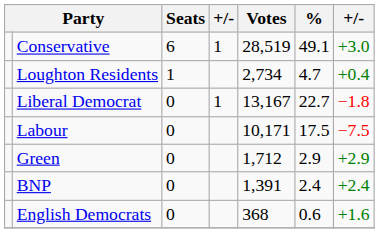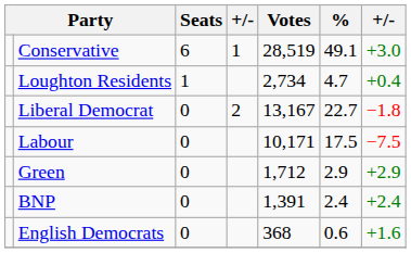 <table class="wikitable">
 <tr>
 <th colspan="2">Party</th>
 <th>Seats</th>
 <th>+/-</th>
 <th>Votes</th>
 <th>%</th>
 <th>+/-</th>
 </tr>
 <tr>
 <td style="background-color: "></td>
 <td><a href='#'>Conservative</a></td>
 <td>6</td>
 <td> 1</td>
 <td>28,519</td>
 <td>49.1</td>
 <td style="color:green">+3.0</td>
 </tr>
 <tr>
 <td style="background-color: "></td>
 <td><a href='#'>Loughton Residents</a></td>
 <td>1</td>
 <td></td>
 <td>2,734</td>
 <td>4.7</td>
 <td style="color:green">+0.4</td>
 </tr>
 <tr>
 <td style="background-color: "></td>
 <td><a href='#'>Liberal Democrat</a></td>
 <td>0</td>
-<td> 1</td>
+<td> 2</td>
 <td>13,167</td>
 <td>22.7</td>
 <td style="color:red">−1.8</td>
 </tr>
 <tr>
 <td style="background-color: "></td>
 <td><a href='#'>Labour</a></td>
 <td>0</td>
 <td></td>
 <td>10,171</td>
 <td>17.5</td>
 <td style="color:red">−7.5</td>
 </tr>
 <tr>
 <td style="background-color: "></td>
 <td><a href='#'>Green</a></td>
 <td>0</td>
 <td></td>
 <td>1,712</td>
 <td>2.9</td>
 <td style="color:green">+2.9</td>
 </tr>
 <tr>
 <td style="background-color: "></td>
 <td><a href='#'>BNP</a></td>
 <td>0</td>
 <td></td>
 <td>1,391</td>
 <td>2.4</td>
 <td style="color:green">+2.4</td>
 </tr>
 <tr>
 <td style="background-color: "></td>
 <td><a href='#'>English Democrats</a></td>
 <td>0</td>
 <td></td>
 <td>368</td>
 <td>0.6</td>
 <td style="color:green">+1.6</td>
 </tr>
 <tr>
 </tr>
 </table>
